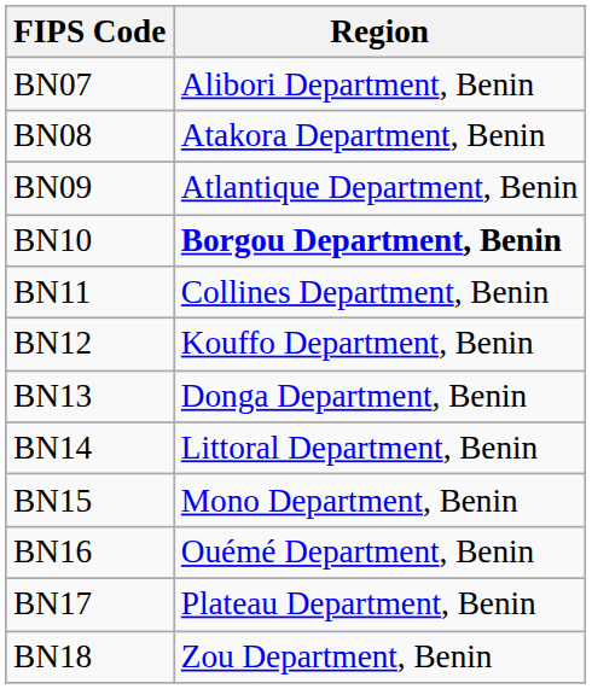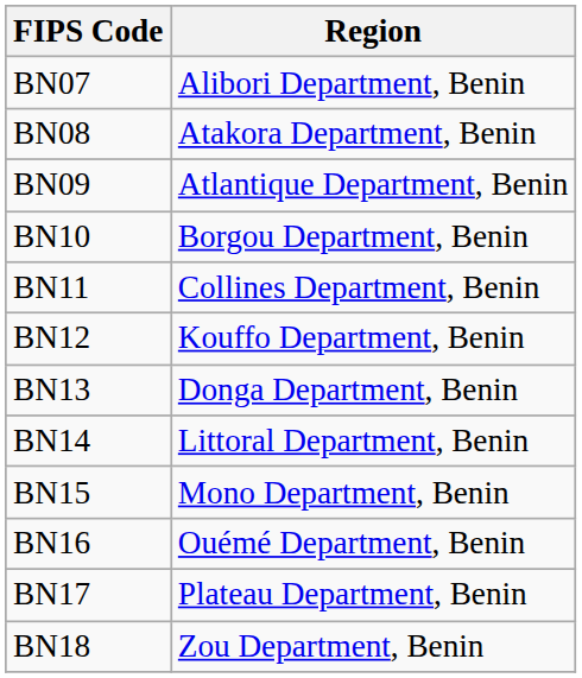 <table class="wikitable">
 <tr>
 <th>FIPS Code</th>
 <th>Region</th>
 </tr>
 <tr>
 <td>BN07</td>
 <td><a href='#'>Alibori Department</a>, Benin</td>
 </tr>
 <tr>
 <td>BN08</td>
 <td><a href='#'>Atakora Department</a>, Benin</td>
 </tr>
 <tr>
 <td>BN09</td>
 <td><a href='#'>Atlantique Department</a>, Benin</td>
 </tr>
 <tr>
 <td>BN10</td>
-<td><strong><a href='#'>Borgou Department</a>, Benin</strong></td>
+<td><a href='#'>Borgou Department</a>, Benin</td>
 </tr>
 <tr>
 <td>BN11</td>
 <td><a href='#'>Collines Department</a>, Benin</td>
 </tr>
 <tr>
 <td>BN12</td>
 <td><a href='#'>Kouffo Department</a>, Benin</td>
 </tr>
 <tr>
 <td>BN13</td>
 <td><a href='#'>Donga Department</a>, Benin</td>
 </tr>
 <tr>
 <td>BN14</td>
 <td><a href='#'>Littoral Department</a>, Benin</td>
 </tr>
 <tr>
 <td>BN15</td>
 <td><a href='#'>Mono Department</a>, Benin</td>
 </tr>
 <tr>
 <td>BN16</td>
 <td><a href='#'>Ouémé Department</a>, Benin</td>
 </tr>
 <tr>
 <td>BN17</td>
 <td><a href='#'>Plateau Department</a>, Benin</td>
 </tr>
 <tr>
 <td>BN18</td>
 <td><a href='#'>Zou Department</a>, Benin</td>
 </tr>
 </table>
